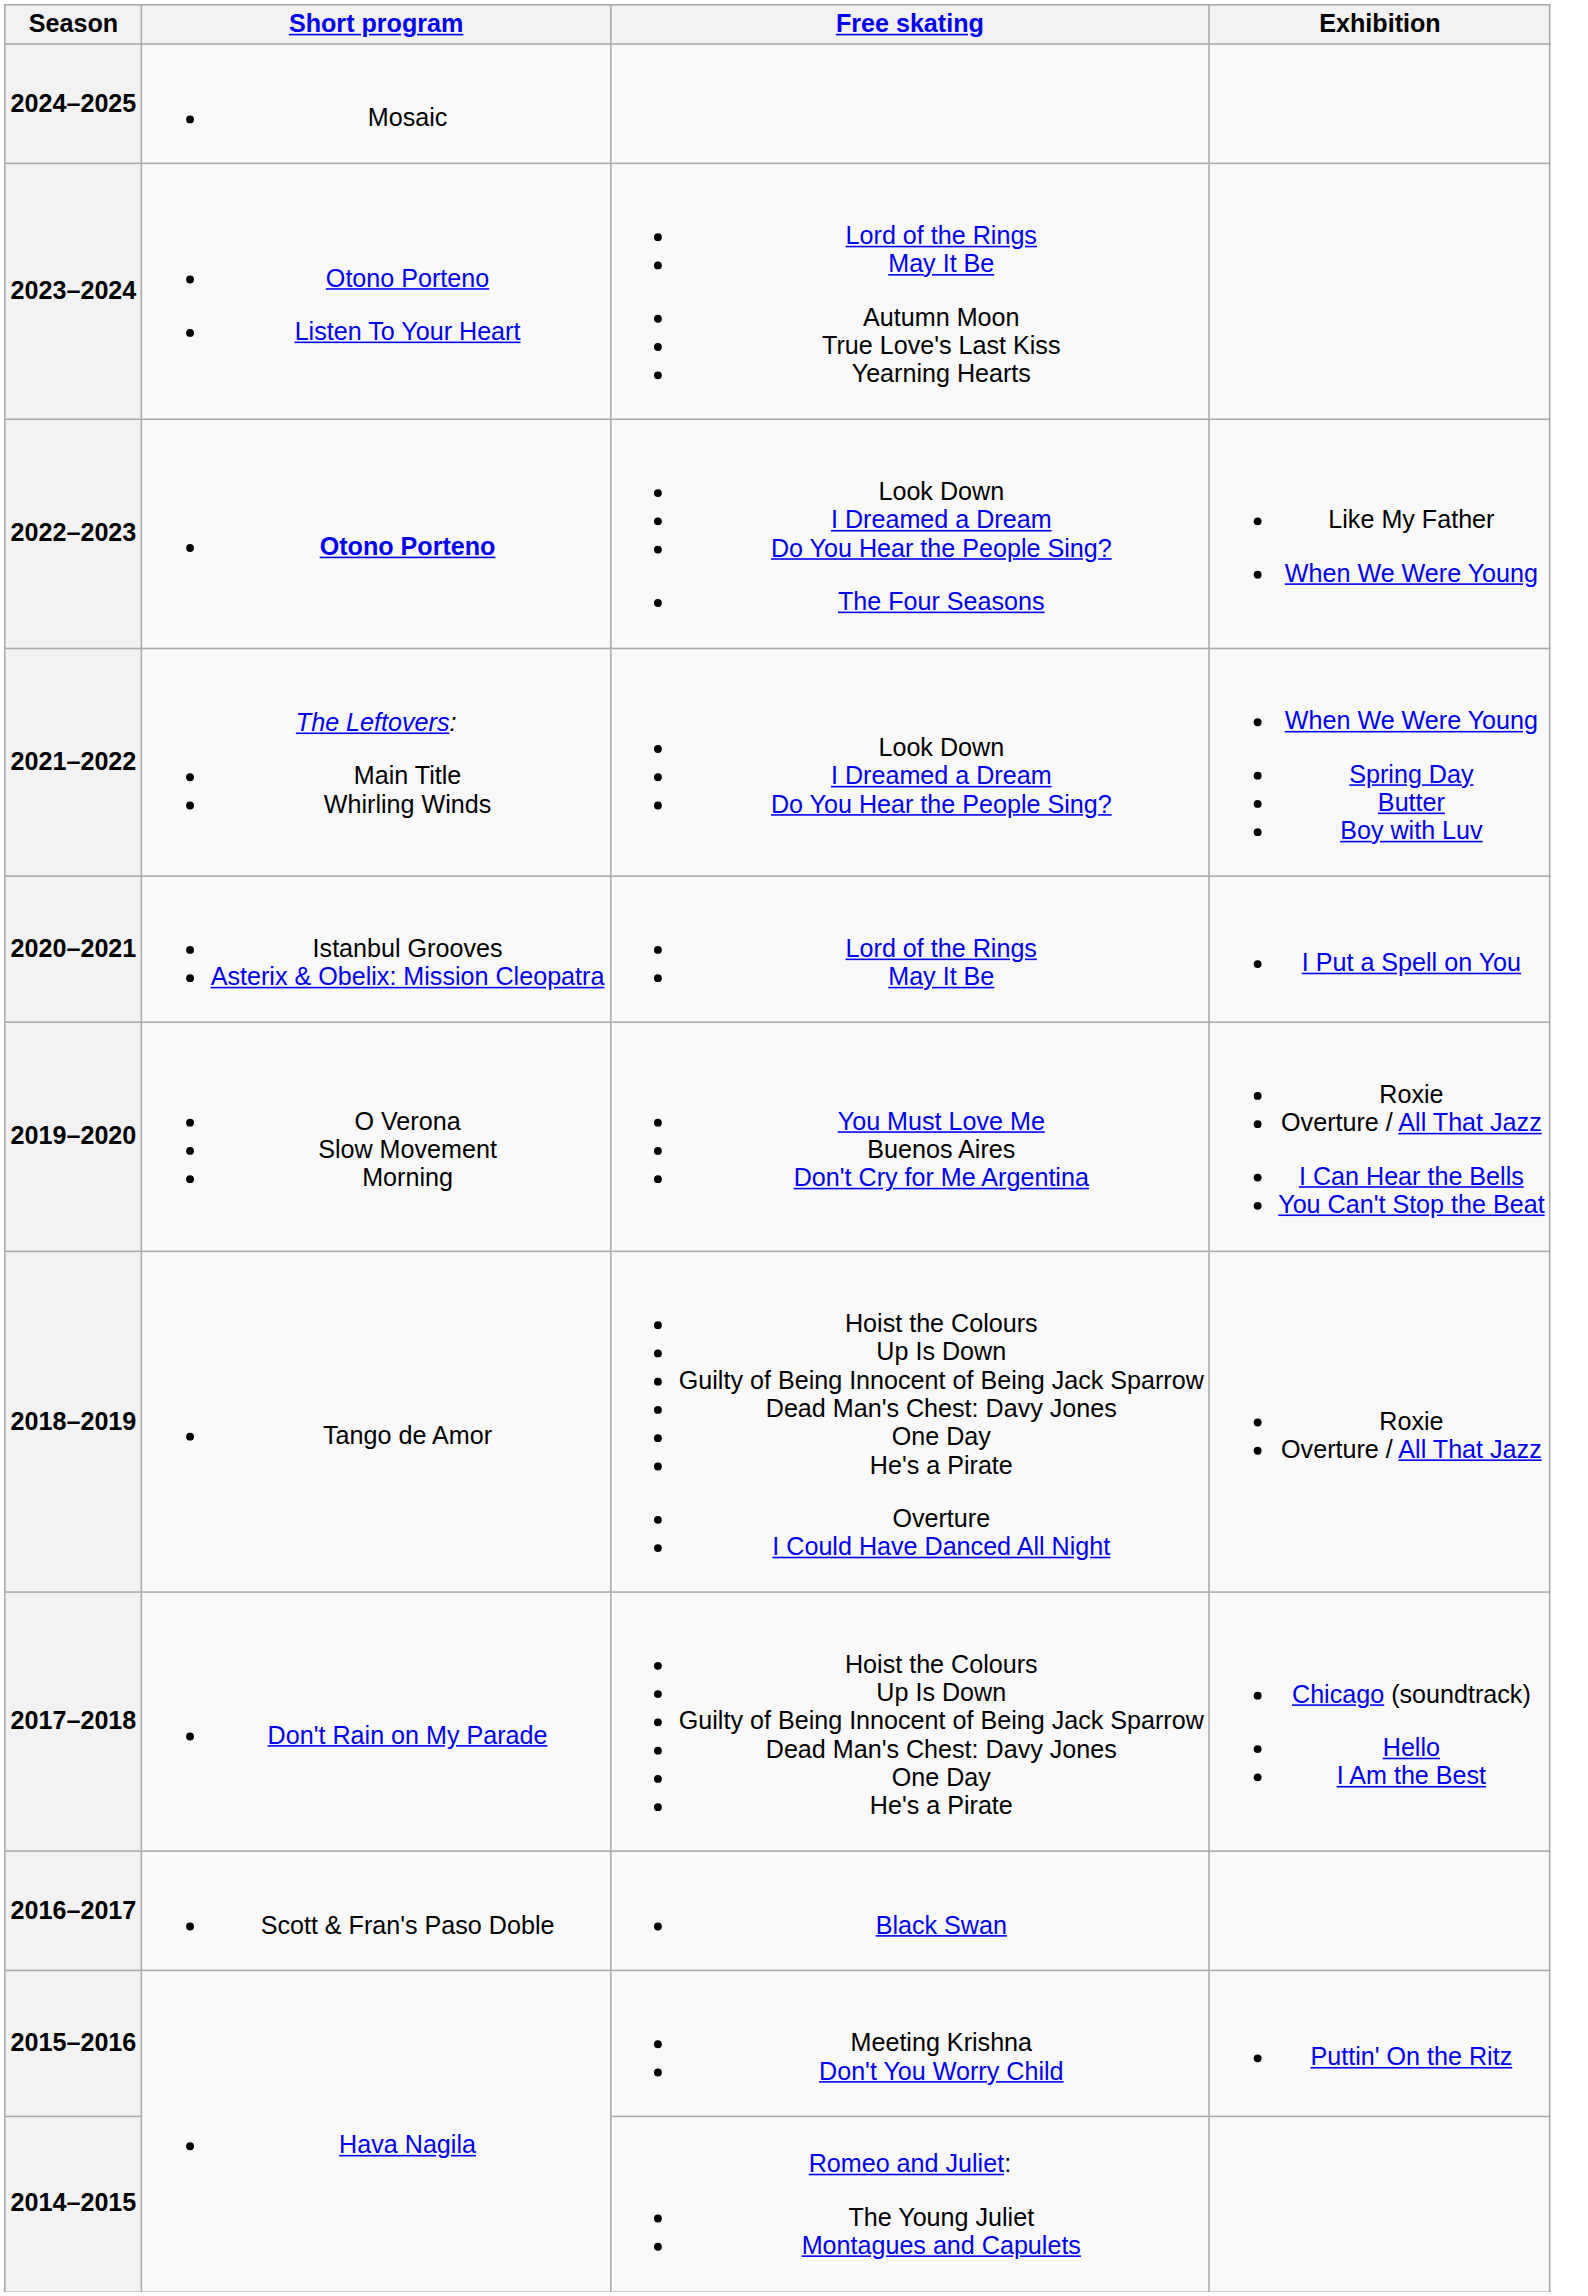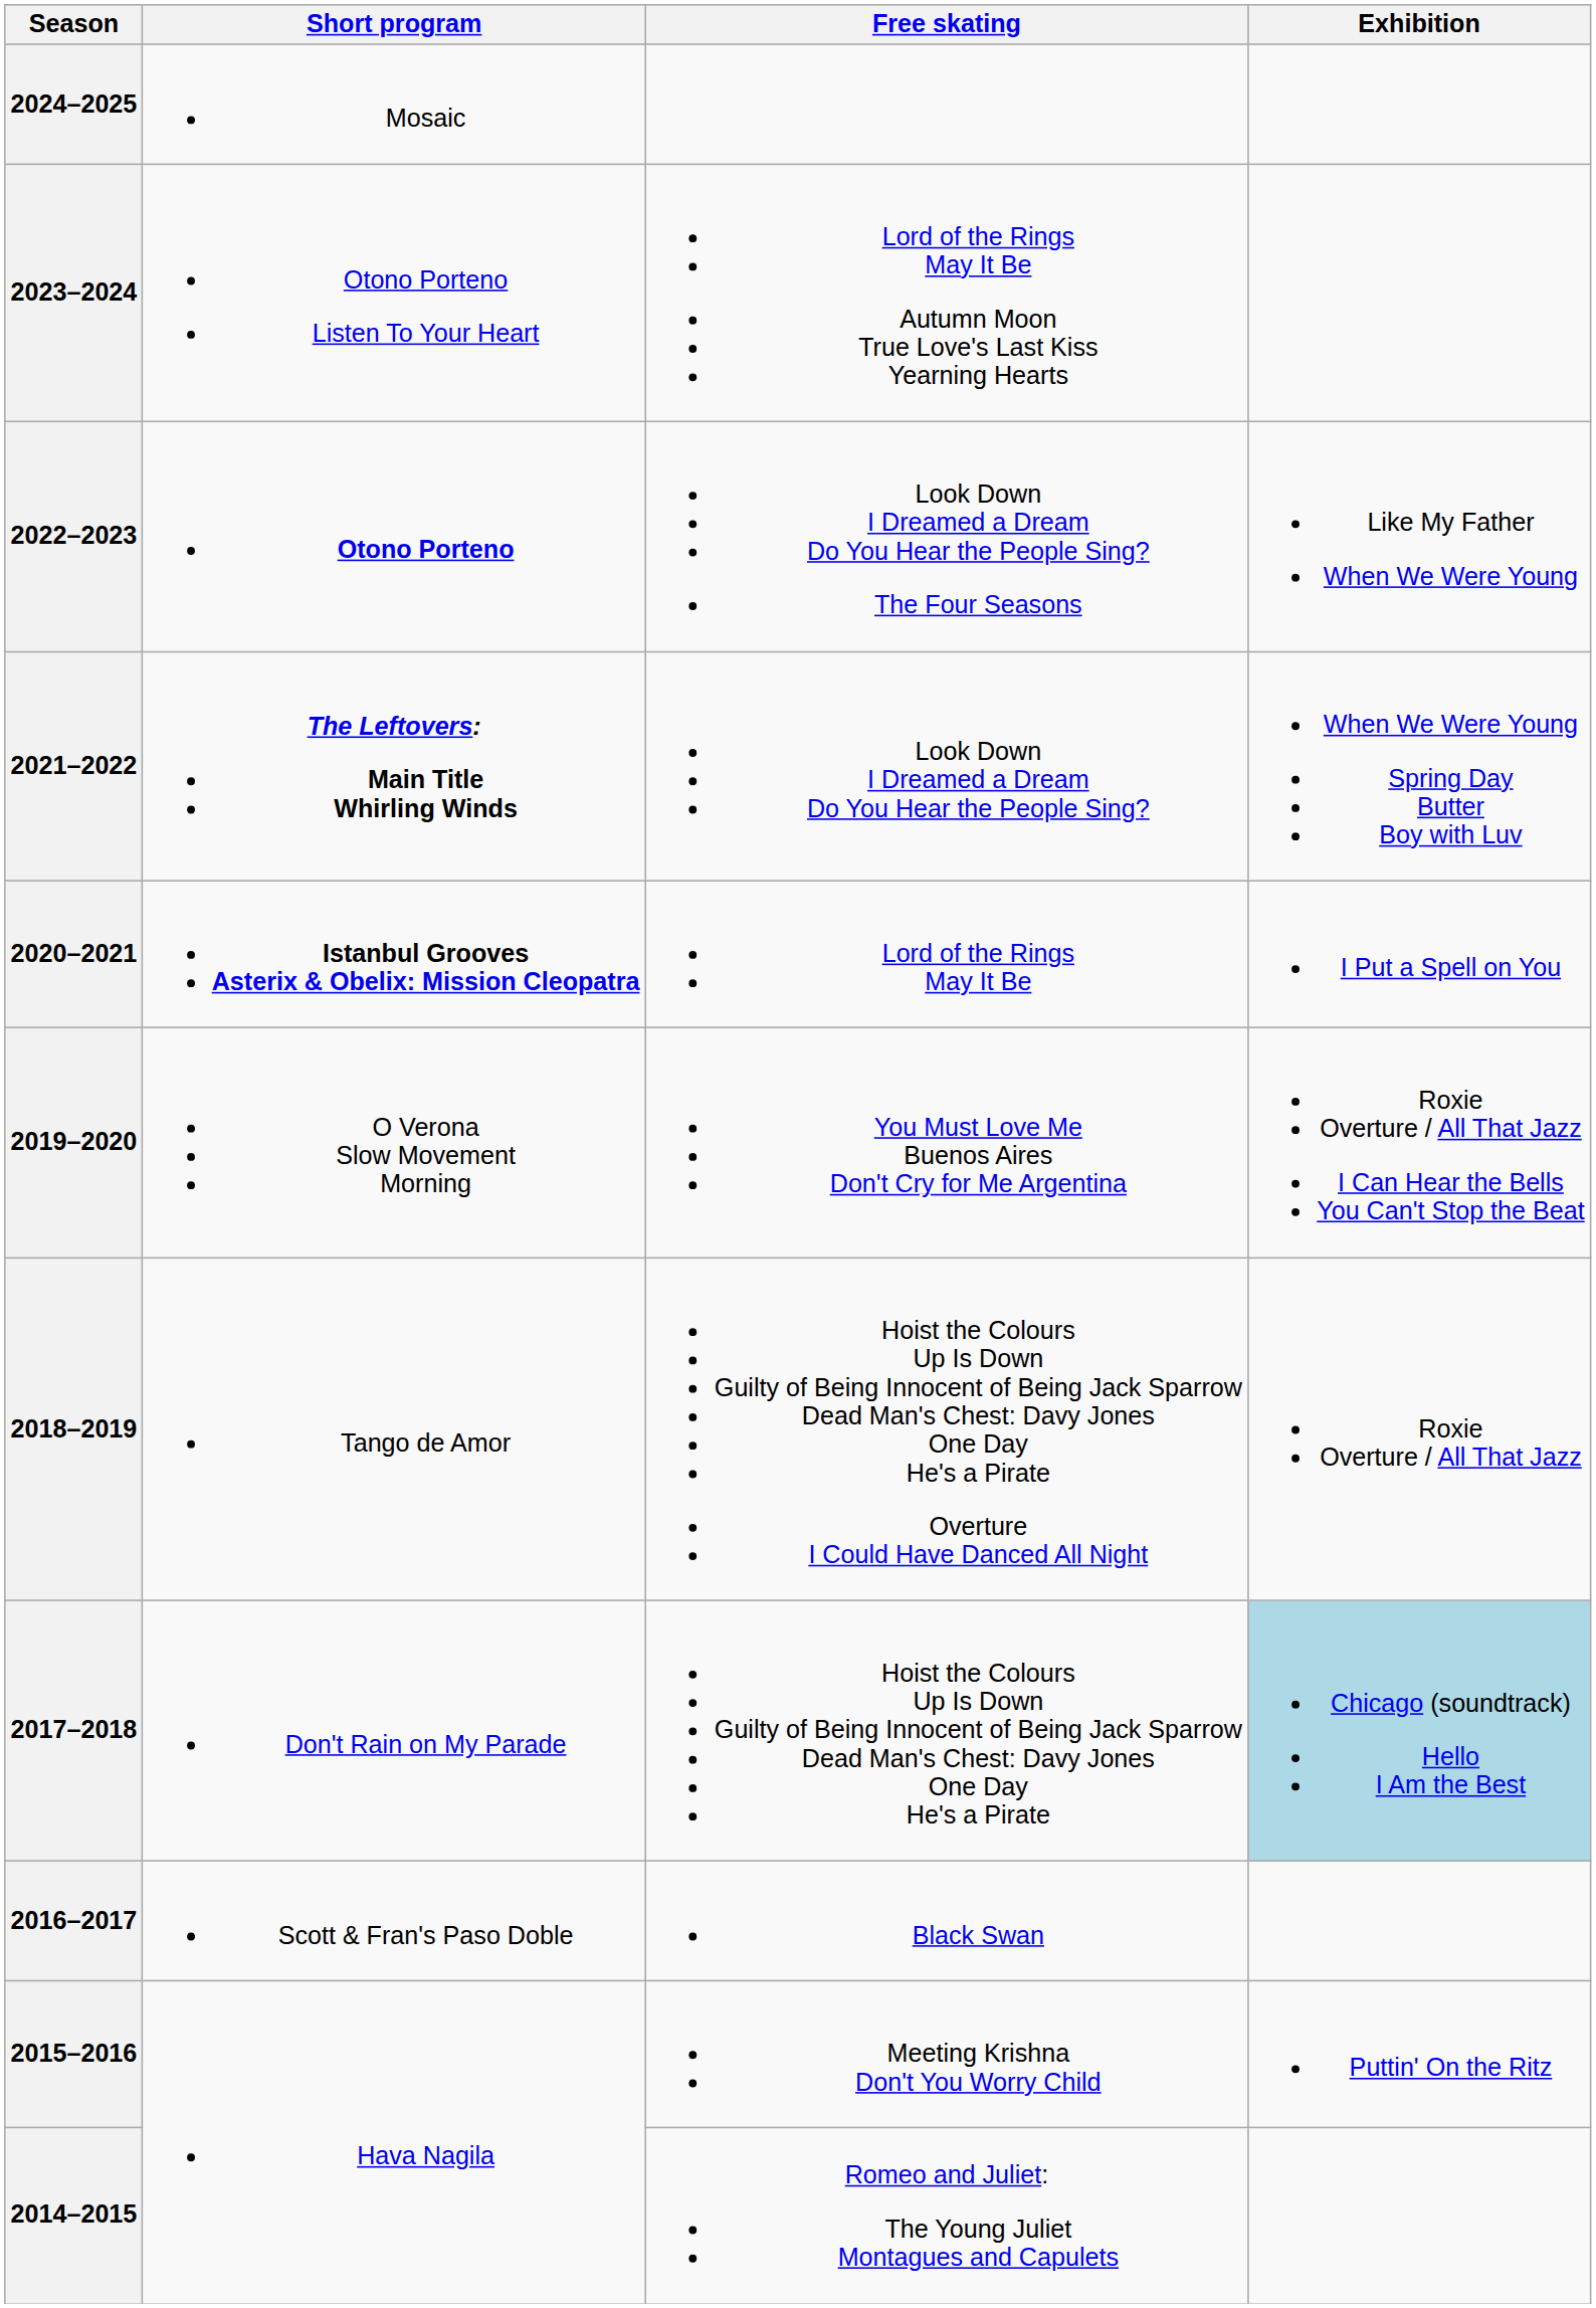 <table class="wikitable" style="text-align:center">
 <tr>
 <th>Season</th>
 <th><a href='#'>Short program</a></th>
 <th><a href='#'>Free skating</a></th>
 <th>Exhibition</th>
 </tr>
 <tr>
 <th>2024–2025 <br> </th>
 <td><br><ul><li>Mosaic <br> </li></ul></td>
 <td></td>
 <td></td>
 </tr>
 <tr>
 <th>2023–2024 <br> </th>
 <td><br><ul><li><a href='#'>Otono Porteno</a> <br> </li></ul><ul><li><a href='#'>Listen To Your Heart</a> <br> </li></ul></td>
 <td><br><ul><li><a href='#'>Lord of the Rings</a> <br> </li><li><a href='#'>May It Be</a> <br> </li></ul><ul><li>Autumn Moon</li><li>True Love's Last Kiss</li><li>Yearning Hearts<br> </li></ul></td>
 <td></td>
 </tr>
 <tr>
 <th>2022–2023 <br> </th>
 <td><strong><br><ul><li><a href='#'>Otono Porteno</a> <br> </li></ul></strong></td>
 <td><br><ul><li>Look Down</li><li><a href='#'>I Dreamed a Dream</a></li><li><a href='#'>Do You Hear the People Sing?</a> <br> </li></ul><ul><li><a href='#'>The Four Seasons</a> <br> </li></ul></td>
 <td><br><ul><li>Like My Father <br></li></ul><ul><li><a href='#'>When We Were Young</a> <br></li></ul></td>
 </tr>
 <tr>
 <th>2021–2022 <br> </th>
-<td><br><em><a href='#'>The Leftovers</a>:</em><ul><li>Main Title<br></li><li>Whirling Winds <br> </li></ul></td>
+<td><strong><br><em><a href='#'>The Leftovers</a>:</em><ul><li>Main Title<br></li><li>Whirling Winds <br> </li></ul></strong></td>
 <td><br><ul><li>Look Down</li><li><a href='#'>I Dreamed a Dream</a></li><li><a href='#'>Do You Hear the People Sing?</a> <br> </li></ul></td>
 <td><br><ul><li><a href='#'>When We Were Young</a> <br></li></ul><ul><li><a href='#'>Spring Day</a></li><li><a href='#'>Butter</a> </li><li><a href='#'>Boy with Luv</a>  <br> </li></ul></td>
 </tr>
 <tr>
 <th>2020–2021 <br></th>
-<td><br><ul><li>Istanbul Grooves <br> </li><li><a href='#'>Asterix & Obelix: Mission Cleopatra</a> <br> </li></ul></td>
+<td><strong><br><ul><li>Istanbul Grooves <br> </li><li><a href='#'>Asterix & Obelix: Mission Cleopatra</a> <br> </li></ul></strong></td>
 <td><br><ul><li><a href='#'>Lord of the Rings</a> <br> </li><li><a href='#'>May It Be</a> <br> </li></ul></td>
 <td><br><ul><li><a href='#'>I Put a Spell on You</a> <br></li></ul></td>
 </tr>
 <tr>
 <th>2019–2020 <br></th>
 <td><br><ul><li>O Verona</li><li>Slow Movement</li><li>Morning <br> </li></ul></td>
 <td><br><ul><li><a href='#'>You Must Love Me</a></li><li>Buenos Aires</li><li><a href='#'>Don't Cry for Me Argentina</a> <br> </li></ul></td>
 <td><br><ul><li>Roxie <br></li><li>Overture / <a href='#'>All That Jazz</a> <br></li></ul><ul><li><a href='#'>I Can Hear the Bells</a></li><li><a href='#'>You Can't Stop the Beat</a> <br></li></ul></td>
 </tr>
 <tr>
 <th>2018–2019 <br></th>
 <td><br><ul><li>Tango de Amor <br></li></ul></td>
 <td><br><ul><li>Hoist the Colours</li><li>Up Is Down</li><li>Guilty of Being Innocent of Being Jack Sparrow</li><li>Dead Man's Chest: Davy Jones</li><li>One Day</li><li>He's a Pirate <br> </li></ul><ul><li>Overture <br> </li><li><a href='#'>I Could Have Danced All Night</a> <br> </li></ul></td>
 <td><br><ul><li>Roxie <br></li><li>Overture / <a href='#'>All That Jazz</a> <br></li></ul></td>
 </tr>
 <tr>
 <th>2017–2018 <br></th>
 <td><br><ul><li><a href='#'>Don't Rain on My Parade</a> <br> </li></ul></td>
 <td><br><ul><li>Hoist the Colours</li><li>Up Is Down</li><li>Guilty of Being Innocent of Being Jack Sparrow</li><li>Dead Man's Chest: Davy Jones</li><li>One Day</li><li>He's a Pirate <br> </li></ul></td>
-<td><br><ul><li><a href='#'>Chicago</a> (soundtrack) <br> </li></ul><ul><li><a href='#'>Hello</a> <br> </li><li><a href='#'>I Am the Best</a> <br> </li></ul></td>
+<td style="background: lightblue;"><br><ul><li><a href='#'>Chicago</a> (soundtrack) <br> </li></ul><ul><li><a href='#'>Hello</a> <br> </li><li><a href='#'>I Am the Best</a> <br> </li></ul></td>
 </tr>
 <tr>
 <th>2016–2017</th>
 <td><br><ul><li>Scott & Fran's Paso Doble <br></li></ul></td>
 <td><br><ul><li><a href='#'>Black Swan</a> <br></li></ul></td>
 <td></td>
 </tr>
 <tr>
 <th>2015–2016</th>
 <td rowspan=2><br><ul><li><a href='#'>Hava Nagila</a> <br></li></ul></td>
 <td><br><ul><li>Meeting Krishna <br></li><li><a href='#'>Don't You Worry Child</a> <br></li></ul></td>
 <td><br><ul><li><a href='#'>Puttin' On the Ritz</a> <br></li></ul></td>
 </tr>
 <tr>
 <th>2014–2015</th>
 <td><br><a href='#'>Romeo and Juliet</a>:<ul><li>The Young Juliet</li><li><a href='#'>Montagues and Capulets</a> <br></li></ul></td>
 <td></td>
 </tr>
 </table>
